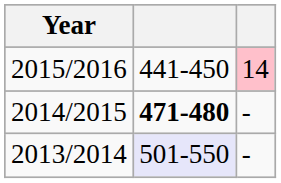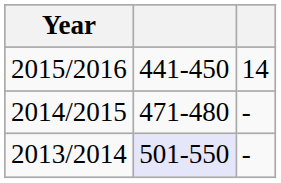 <table class="wikitable sortable">
 <tr>
 <th>Year</th>
 <th></th>
 <th></th>
 </tr>
 <tr>
 <td>2015/2016</td>
 <td>441-450</td>
-<td style="background: pink;">14</td>
+<td>14</td>
 </tr>
 <tr>
 <td>2014/2015</td>
-<td><strong>471-480</strong></td>
+<td>471-480</td>
 <td>-</td>
 </tr>
 <tr>
 <td>2013/2014</td>
 <td style="background: lavender;">501-550</td>
 <td>-</td>
 </tr>
 </table>
